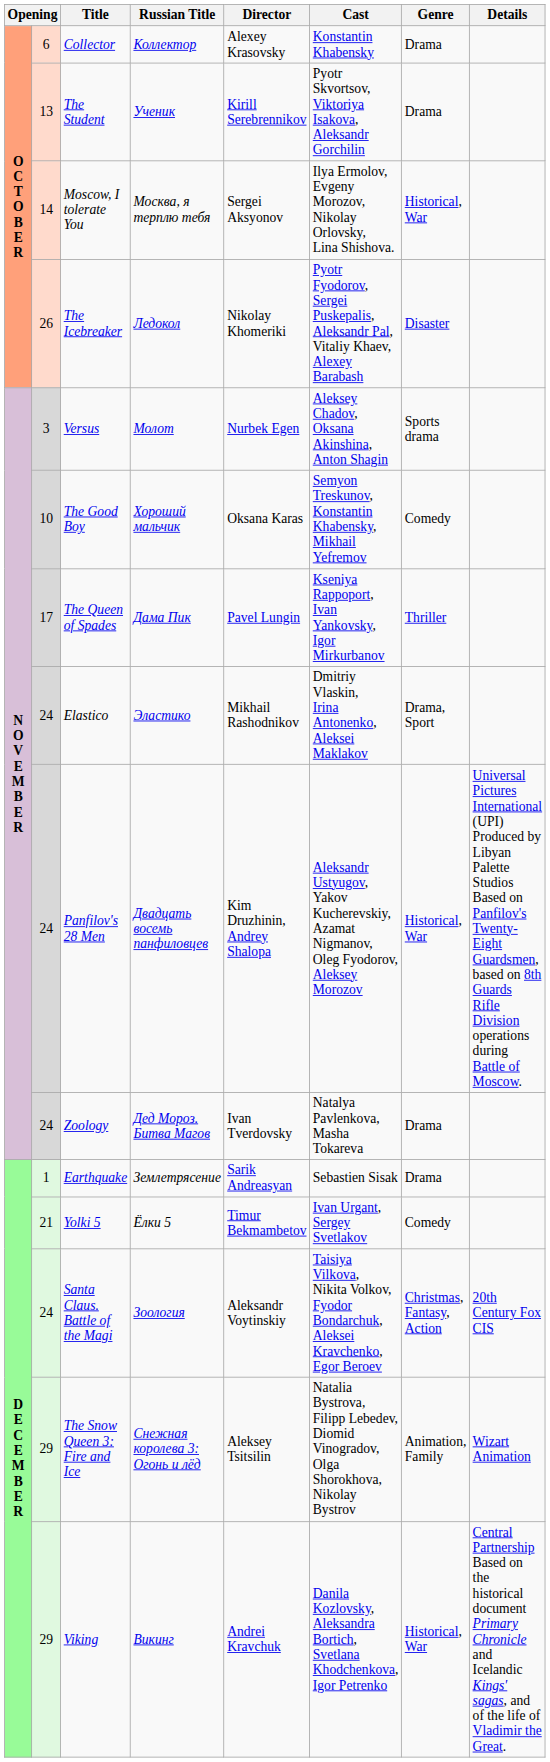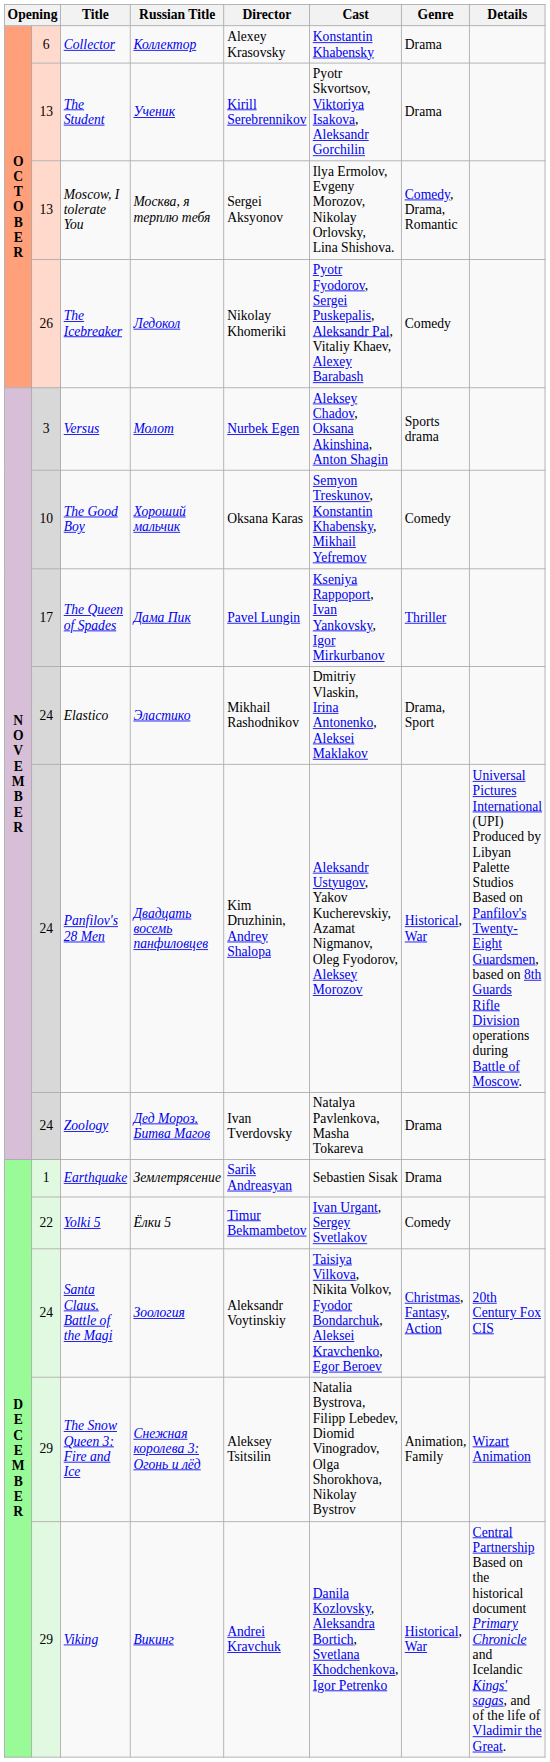 <table class="wikitable">
 <tr>
 <th style="width:6%;" colspan="2">Opening</th>
 <th style="width:14%;">Title</th>
 <th style="width:14%;">Russian Title</th>
 <th style="width:11%;">Director</th>
 <th style="width:14%;">Cast</th>
 <th style="width:11%;">Genre</th>
 <th>Details</th>
 </tr>
 <tr>
 <th rowspan="4" align="center" style="background:#ffa07a; textcolor:#000;">O<br>C<br>T<br>O<br>B<br>E<br>R</th>
 <td align="center" style="background:#ffdacc;">6</td>
 <td><em><a href='#'>Collector</a></em></td>
 <td><em><a href='#'>Коллектор</a></em></td>
 <td>Alexey Krasovsky</td>
 <td><a href='#'>Konstantin Khabensky</a></td>
 <td>Drama</td>
 <td></td>
 </tr>
 <tr>
 <td align="center" style="background:#ffdacc;">13</td>
 <td><em><a href='#'>The Student</a></em></td>
 <td><em><a href='#'>Ученик</a></em></td>
 <td><a href='#'>Kirill Serebrennikov</a></td>
 <td>Pyotr Skvortsov, <a href='#'>Viktoriya Isakova</a>, <a href='#'>Aleksandr Gorchilin</a></td>
 <td>Drama</td>
 <td></td>
 </tr>
 <tr>
-<td align="center" style="background:#ffdacc;">14</td>
+<td align="center" style="background:#ffdacc;">13</td>
 <td><em>Moscow, I tolerate You</em></td>
 <td><em>Москва, я терплю тебя</em></td>
 <td>Sergei Aksyonov</td>
 <td>Ilya Ermolov,<br> Evgeny Morozov,<br> Nikolay Orlovsky,<br> Lina Shishova.</td>
-<td><a href='#'>Historical</a>, <a href='#'>War</a></td>
+<td><a href='#'>Comedy</a>, Drama, Romantic</td>
 <td></td>
 </tr>
 <tr>
 <td align="center" style="background:#ffdacc;">26</td>
 <td><em><a href='#'>The Icebreaker</a></em></td>
 <td><em><a href='#'>Ледокол</a></em></td>
 <td>Nikolay Khomeriki</td>
 <td><a href='#'>Pyotr Fyodorov</a>,<br> <a href='#'>Sergei Puskepalis</a>,<br> <a href='#'>Aleksandr Pal</a>,<br> Vitaliy Khaev,<br> <a href='#'>Alexey Barabash</a></td>
-<td><a href='#'>Disaster</a></td>
+<td>Comedy</td>
 <td></td>
 </tr>
 <tr>
 <th rowspan="6" align="center" style="background:thistle; textcolor:#000;">N<br>O<br>V<br>E<br>M<br>B<br>E<br>R</th>
 <td align="center" style="background:#d8d8d8;">3</td>
 <td><em><a href='#'>Versus</a></em></td>
 <td><em><a href='#'>Молот</a></em></td>
 <td><a href='#'>Nurbek Egen</a></td>
 <td><a href='#'>Aleksey Chadov</a>, <a href='#'>Oksana Akinshina</a>, <a href='#'>Anton Shagin</a></td>
 <td>Sports drama</td>
 <td></td>
 </tr>
 <tr>
 <td align="center" style="background:#d8d8d8;">10</td>
 <td><em><a href='#'>The Good Boy</a></em></td>
 <td><em><a href='#'>Хороший мальчик</a></em></td>
 <td>Oksana Karas</td>
 <td><a href='#'>Semyon Treskunov</a>, <a href='#'>Konstantin Khabensky</a>, <a href='#'>Mikhail Yefremov</a></td>
 <td>Comedy</td>
 <td></td>
 </tr>
 <tr>
 <td align="center" style="background:#d8d8d8;">17</td>
 <td><em><a href='#'>The Queen of Spades</a></em></td>
 <td><em><a href='#'>Дама Пик</a></em></td>
 <td><a href='#'>Pavel Lungin</a></td>
 <td><a href='#'>Kseniya Rappoport</a>,<br> <a href='#'>Ivan Yankovsky</a>,<br> <a href='#'>Igor Mirkurbanov</a></td>
 <td><a href='#'>Thriller</a></td>
 <td></td>
 </tr>
 <tr>
 <td align="center" style="background:#d8d8d8;">24</td>
 <td><em>Elastico</em></td>
 <td><em><a href='#'>Эластико</a></em></td>
 <td>Mikhail Rashodnikov</td>
 <td>Dmitriy Vlaskin,<br> <a href='#'>Irina Antonenko</a>,<br> <a href='#'>Aleksei Maklakov</a></td>
 <td>Drama, Sport</td>
 <td></td>
 </tr>
 <tr>
 <td align="center" style="background:#d8d8d8;">24</td>
 <td><em><a href='#'>Panfilov's 28 Men</a></em></td>
 <td><em><a href='#'>Двадцать восемь панфиловцев</a></em></td>
 <td>Kim Druzhinin,<br> <a href='#'>Andrey Shalopa</a></td>
 <td><a href='#'>Aleksandr Ustyugov</a>,<br> Yakov Kucherevskiy,<br> Azamat Nigmanov,<br> Oleg Fyodorov,<br> <a href='#'>Aleksey Morozov</a></td>
 <td><a href='#'>Historical</a>, <a href='#'>War</a></td>
 <td><a href='#'>Universal Pictures International</a> (UPI) <br> Produced by Libyan Palette Studios<br> Based on <a href='#'>Panfilov's Twenty-Eight Guardsmen</a>, based on <a href='#'>8th Guards Rifle Division</a> operations during <a href='#'>Battle of Moscow</a>. </td>
 </tr>
 <tr>
 <td align="center" style="background:#d8d8d8;">24</td>
 <td><em><a href='#'>Zoology</a></em></td>
 <td><em><a href='#'>Дед Мороз. Битва Магов</a></em></td>
 <td>Ivan Tverdovsky</td>
 <td>Natalya Pavlenkova,<br> Masha Tokareva</td>
 <td>Drama</td>
 <td></td>
 </tr>
 <tr>
 <th rowspan="5" align="center" style="background:#98fb98; textcolor:#000;">D<br>E<br>C<br>E<br>M<br>B<br>E<br>R</th>
 <td align="center" style="background:#e0f9e0;">1</td>
 <td><em><a href='#'>Earthquake</a></em></td>
 <td><em>Землетрясение</em></td>
 <td><a href='#'>Sarik Andreasyan</a></td>
 <td>Sebastien Sisak</td>
 <td>Drama</td>
 <td></td>
 </tr>
 <tr>
-<td align="center" style="background:#e0f9e0;">21</td>
+<td align="center" style="background:#e0f9e0;">22</td>
 <td><em><a href='#'>Yolki 5</a></em></td>
 <td><em>Ёлки 5</em></td>
 <td><a href='#'>Timur Bekmambetov</a></td>
 <td><a href='#'>Ivan Urgant</a>,<br> <a href='#'>Sergey Svetlakov</a></td>
 <td>Comedy</td>
 <td></td>
 </tr>
 <tr>
 <td align="center" style="background:#e0f9e0;">24</td>
 <td><em><a href='#'>Santa Claus. Battle of the Magi</a></em></td>
 <td><em><a href='#'>Зоология</a></em></td>
 <td>Aleksandr Voytinskiy</td>
 <td><a href='#'>Taisiya Vilkova</a>,<br> Nikita Volkov,<br> <a href='#'>Fyodor Bondarchuk</a>,<br> <a href='#'>Aleksei Kravchenko</a>,<br> <a href='#'>Egor Beroev</a></td>
 <td><a href='#'>Christmas</a>, <a href='#'>Fantasy</a>, <a href='#'>Action</a></td>
 <td><a href='#'>20th Century Fox</a> <a href='#'>CIS</a></td>
 </tr>
 <tr>
 <td align="center" style="background:#e0f9e0;">29</td>
 <td><em><a href='#'>The Snow Queen 3: Fire and Ice</a></em></td>
 <td><em><a href='#'>Снежная королева 3: Огонь и лёд</a></em></td>
 <td>Aleksey Tsitsilin</td>
 <td>Natalia Bystrova,<br> Filipp Lebedev,<br> Diomid Vinogradov,<br> Olga Shorokhova,<br> Nikolay Bystrov</td>
 <td>Animation, Family</td>
 <td><a href='#'>Wizart Animation</a></td>
 </tr>
 <tr>
 <td align="center" style="background:#e0f9e0;">29</td>
 <td><em><a href='#'>Viking</a></em></td>
 <td><em><a href='#'>Викинг</a></em></td>
 <td><a href='#'>Andrei Kravchuk</a></td>
 <td><a href='#'>Danila Kozlovsky</a>, <a href='#'>Aleksandra Bortich</a>, <a href='#'>Svetlana Khodchenkova</a>, <a href='#'>Igor Petrenko</a></td>
 <td><a href='#'>Historical</a>, <a href='#'>War</a></td>
 <td><a href='#'>Central Partnership</a> <br> Based on the historical document <em><a href='#'>Primary Chronicle</a></em> and Icelandic <em><a href='#'>Kings' sagas</a></em>, and of the life of <a href='#'>Vladimir the Great</a>.</td>
 </tr>
 </table>
